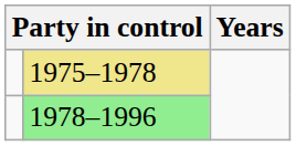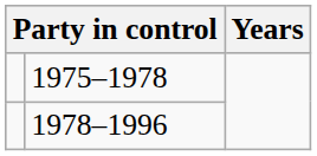 <table class="wikitable">
 <tr>
 <th colspan="2">Party in control</th>
 <th>Years</th>
 </tr>
 <tr>
 <td></td>
-<td style="background: khaki;">1975–1978</td>
+<td>1975–1978</td>
 </tr>
 <tr>
 <td></td>
-<td style="background: lightgreen;">1978–1996</td>
+<td>1978–1996</td>
 </tr>
 </table>
